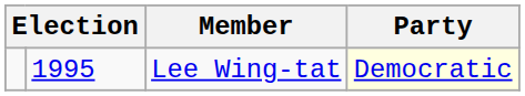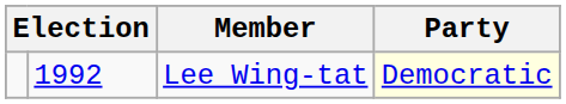 <table class="wikitable">
 <tr>
 <th colspan="2">Election</th>
 <th>Member</th>
 <th>Party</th>
 </tr>
 <tr>
 <td style="background-color: "></td>
-<td><a href='#'>1995</a></td>
+<td><a href='#'>1992</a></td>
 <td><a href='#'>Lee Wing-tat</a></td>
 <td style="background: lightyellow;"><a href='#'>Democratic</a></td>
 </tr>
 </table>
